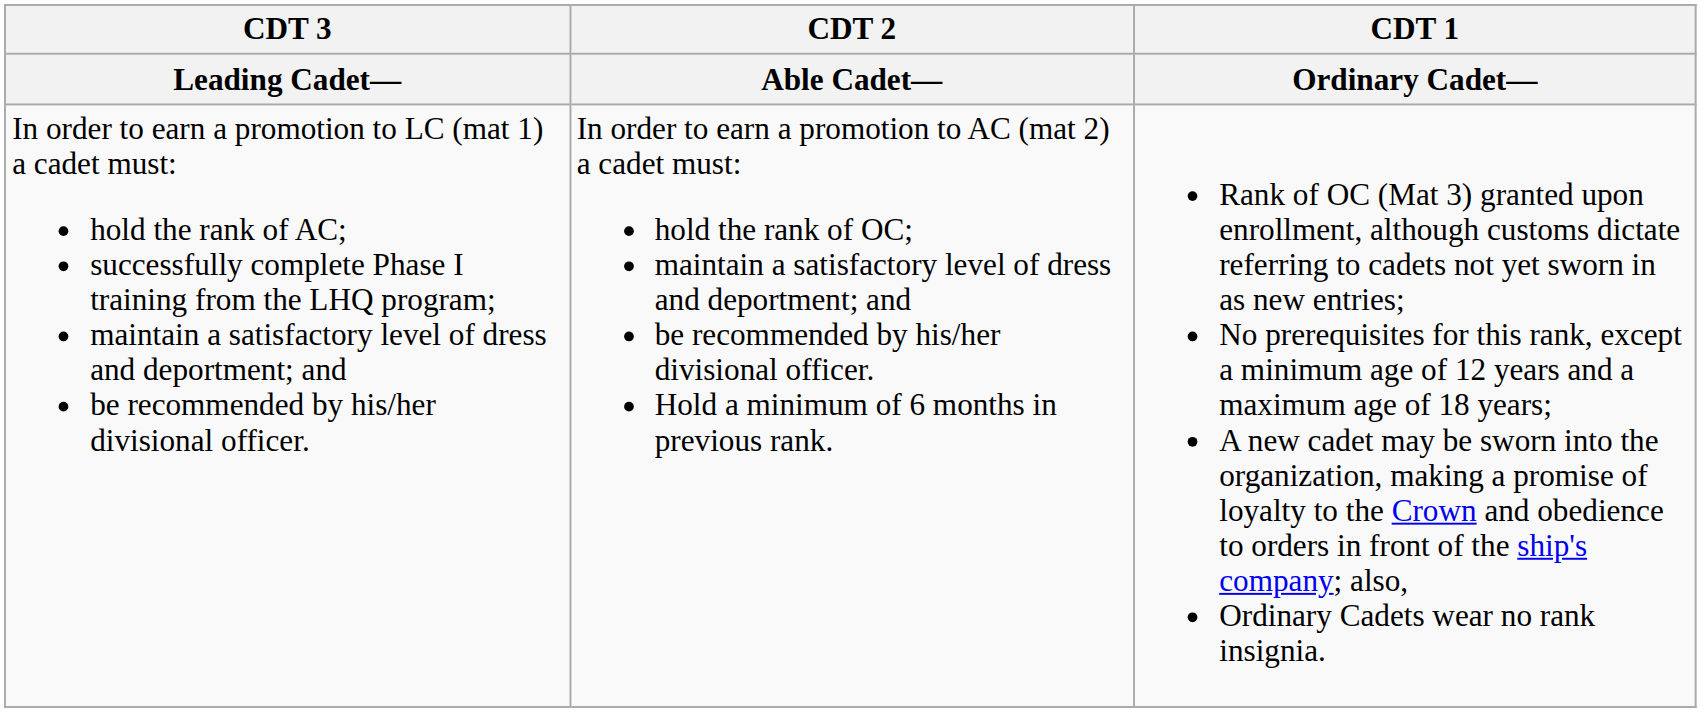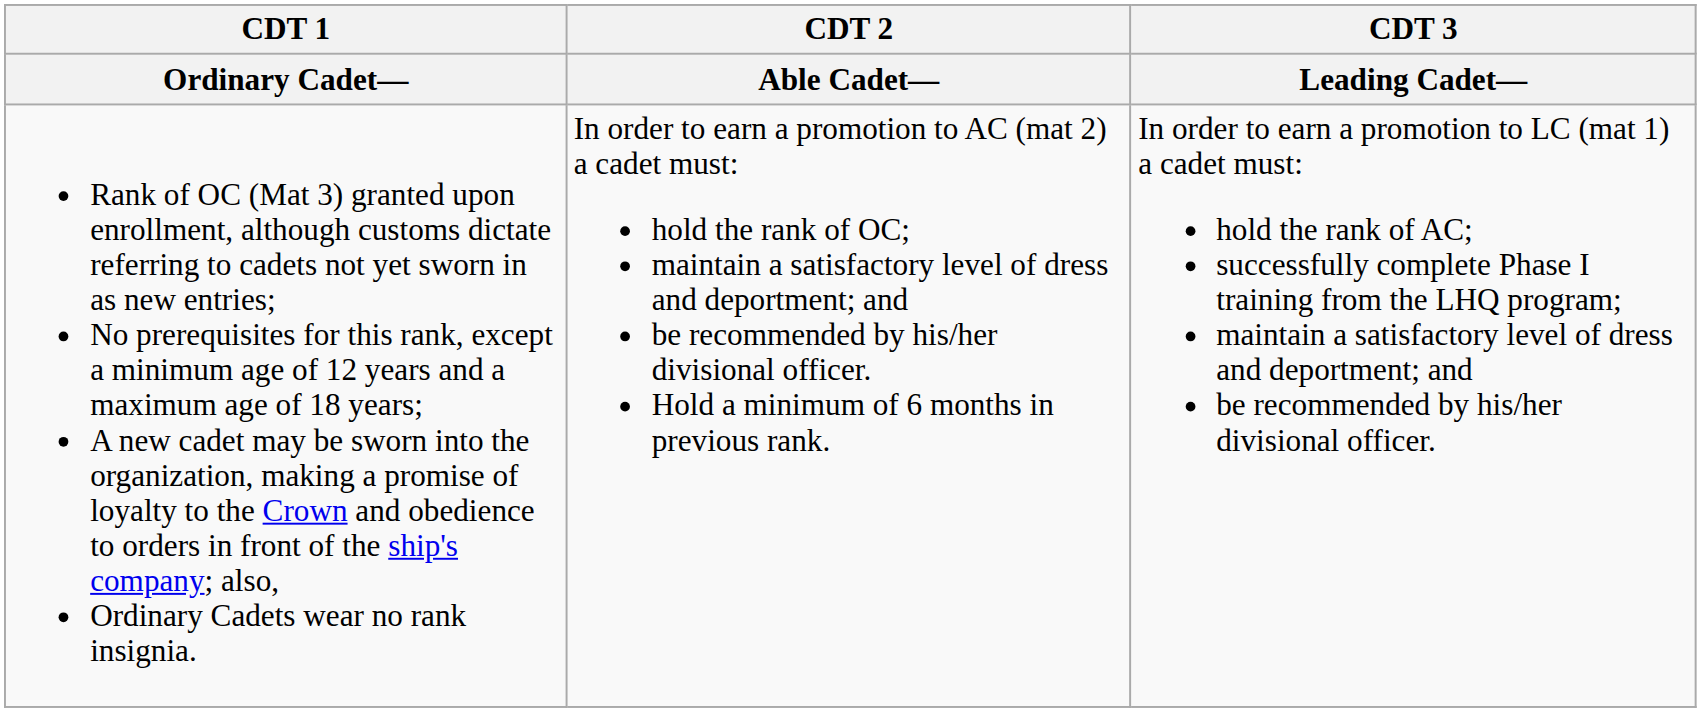 <table class="wikitable">
 <tr>
+<th><strong>CDT 1</strong></th>
+<th><strong>CDT 2</strong></th>
 <th><strong>CDT 3</strong></th>
-<th><strong>CDT 2</strong></th>
-<th><strong>CDT 1</strong></th>
 </tr>
 <tr>
+<th align="center" width="325">Ordinary Cadet—</th>
+<th width="325">Able Cadet—</th>
 <th width="325">Leading Cadet—</th>
-<th width="325">Able Cadet—</th>
-<th align="center" width="325">Ordinary Cadet—</th>
 </tr>
 <tr>
+<td valign="top"><br><ul><li>Rank of OC (Mat 3) granted upon enrollment, although customs dictate referring to cadets not yet sworn in as new entries;</li><li>No prerequisites for this rank, except a minimum age of 12 years and a maximum age of 18 years;</li><li>A new cadet may be sworn into the organization, making a promise of loyalty to the <a href='#'>Crown</a> and obedience to orders in front of the <a href='#'>ship's company</a>; also,</li><li>Ordinary Cadets wear no rank insignia.</li></ul></td>
+<td valign="top"> In order to earn a promotion to AC (mat 2) a cadet must:<br><ul><li>hold the rank of OC;</li><li>maintain a satisfactory level of dress and deportment; and</li><li>be recommended by his/her divisional officer.</li><li>Hold a minimum of 6 months in previous rank.</li></ul></td>
 <td valign="top"> In order to earn a promotion to LC (mat 1) a cadet must:<br><ul><li>hold the rank of AC;</li><li>successfully complete Phase I training from the LHQ program;</li><li>maintain a satisfactory level of dress and deportment; and</li><li>be recommended by his/her divisional officer.</li></ul></td>
-<td valign="top"> In order to earn a promotion to AC (mat 2) a cadet must:<br><ul><li>hold the rank of OC;</li><li>maintain a satisfactory level of dress and deportment; and</li><li>be recommended by his/her divisional officer.</li><li>Hold a minimum of 6 months in previous rank.</li></ul></td>
-<td valign="top"><br><ul><li>Rank of OC (Mat 3) granted upon enrollment, although customs dictate referring to cadets not yet sworn in as new entries;</li><li>No prerequisites for this rank, except a minimum age of 12 years and a maximum age of 18 years;</li><li>A new cadet may be sworn into the organization, making a promise of loyalty to the <a href='#'>Crown</a> and obedience to orders in front of the <a href='#'>ship's company</a>; also,</li><li>Ordinary Cadets wear no rank insignia.</li></ul></td>
 </tr>
 </table>
